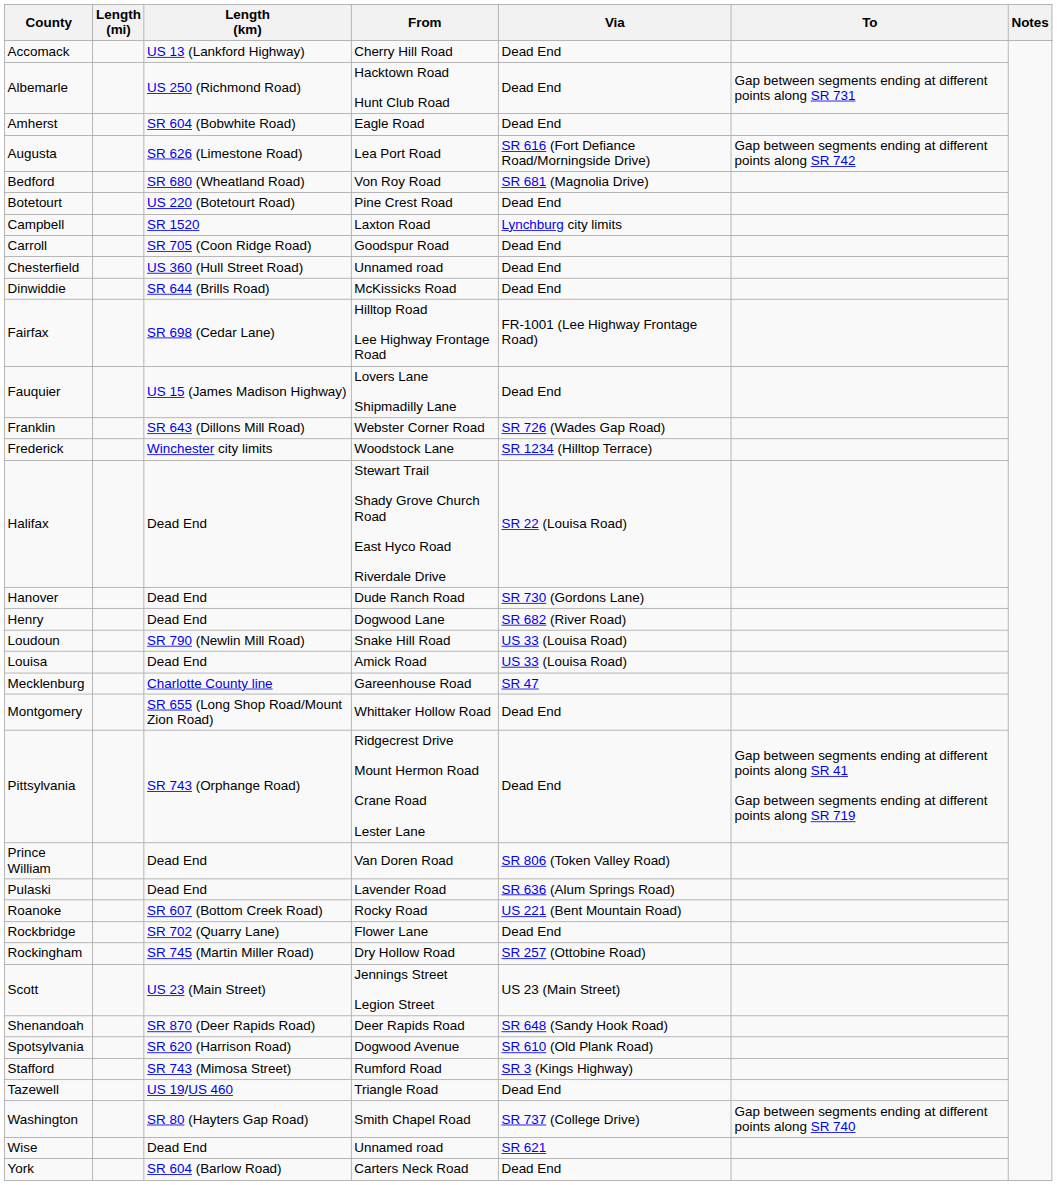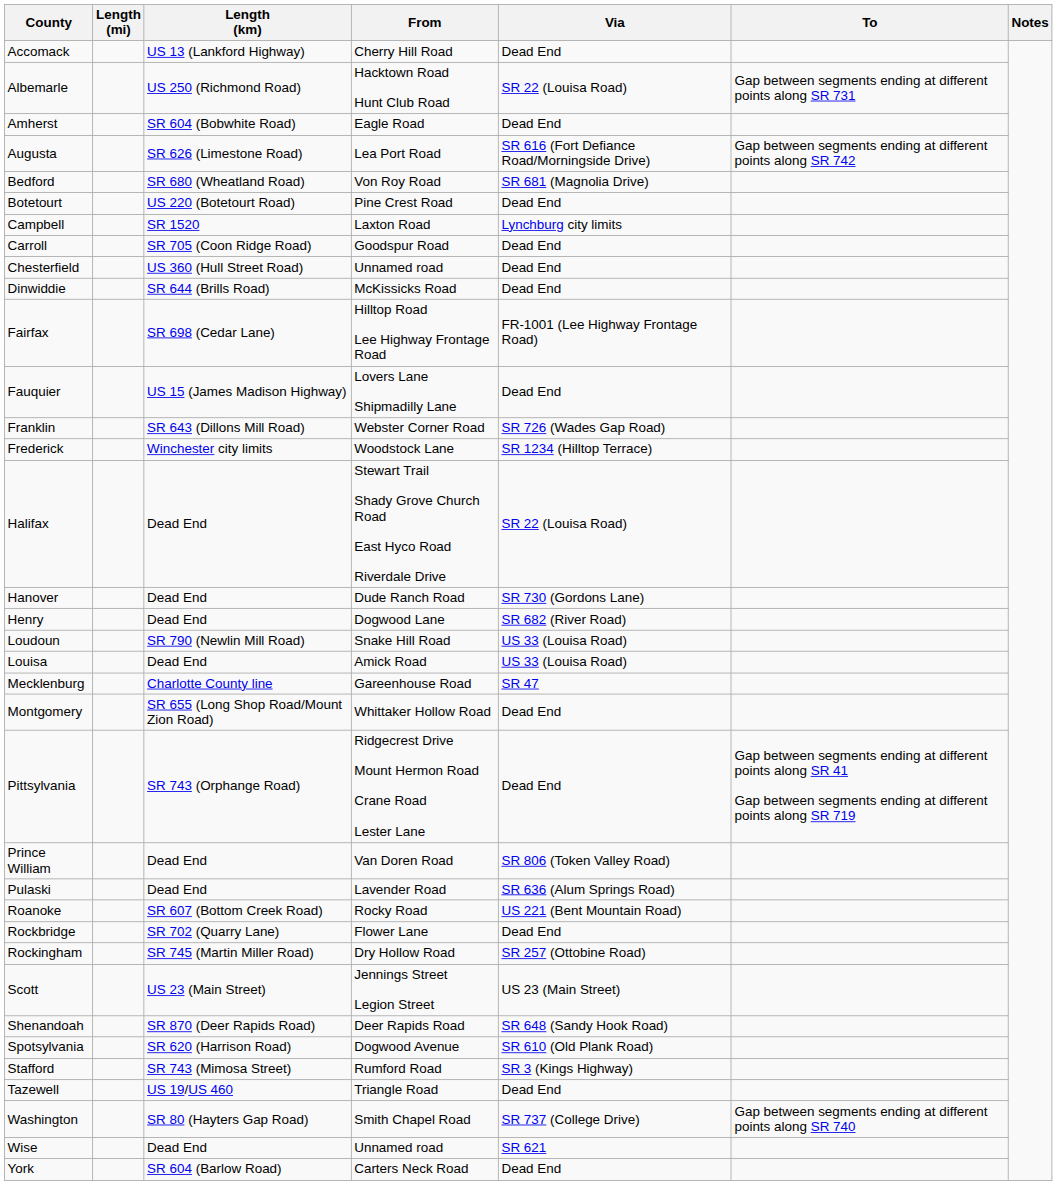 <table class="wikitable sortable">
 <tr>
 <th>County</th>
 <th>Length<br>(mi)</th>
 <th>Length<br>(km)</th>
 <th class="unsortable">From</th>
 <th class="unsortable">Via</th>
 <th class="unsortable">To</th>
 <th class="unsortable">Notes</th>
 </tr>
 <tr>
 <td id="Accomack">Accomack</td>
 <td></td>
 <td><a href='#'>US 13</a> (Lankford Highway)</td>
 <td>Cherry Hill Road</td>
 <td>Dead End</td>
 <td></td>
 </tr>
 <tr>
 <td id="Albemarle">Albemarle</td>
 <td></td>
 <td><a href='#'>US 250</a> (Richmond Road)</td>
 <td>Hacktown Road<br><br>Hunt Club Road</td>
-<td>Dead End</td>
+<td><a href='#'>SR 22</a> (Louisa Road)</td>
 <td>Gap between segments ending at different points along <a href='#'>SR 731</a><br> </td>
 </tr>
 <tr>
 <td id="Amherst">Amherst</td>
 <td></td>
 <td><a href='#'>SR 604</a> (Bobwhite Road)</td>
 <td>Eagle Road</td>
 <td>Dead End</td>
 <td><br> </td>
 </tr>
 <tr>
 <td id="Augusta">Augusta</td>
 <td></td>
 <td><a href='#'>SR 626</a> (Limestone Road)</td>
 <td>Lea Port Road</td>
 <td><a href='#'>SR 616</a> (Fort Defiance Road/Morningside Drive)</td>
 <td>Gap between segments ending at different points along <a href='#'>SR 742</a><br></td>
 </tr>
 <tr>
 <td id="Bedford">Bedford</td>
 <td></td>
 <td><a href='#'>SR 680</a> (Wheatland Road)</td>
 <td>Von Roy Road</td>
 <td><a href='#'>SR 681</a> (Magnolia Drive)</td>
 <td><br></td>
 </tr>
 <tr>
 <td id="Botetourt">Botetourt</td>
 <td></td>
 <td><a href='#'>US 220</a> (Botetourt Road)</td>
 <td>Pine Crest Road</td>
 <td>Dead End</td>
 <td><br>  </td>
 </tr>
 <tr>
 <td id="Campbell">Campbell</td>
 <td></td>
 <td><a href='#'>SR 1520</a></td>
 <td>Laxton Road</td>
 <td><a href='#'>Lynchburg</a> city limits</td>
 <td><br></td>
 </tr>
 <tr>
 <td id="Carroll">Carroll</td>
 <td></td>
 <td><a href='#'>SR 705</a> (Coon Ridge Road)</td>
 <td>Goodspur Road</td>
 <td>Dead End</td>
 <td><br> </td>
 </tr>
 <tr>
 <td id="Chesterfield">Chesterfield</td>
 <td></td>
 <td><a href='#'>US 360</a> (Hull Street Road)</td>
 <td>Unnamed road</td>
 <td>Dead End</td>
 <td><br>    </td>
 </tr>
 <tr>
 <td id="Dinwiddie">Dinwiddie</td>
 <td></td>
 <td><a href='#'>SR 644</a> (Brills Road)</td>
 <td>McKissicks Road</td>
 <td>Dead End</td>
 <td><br></td>
 </tr>
 <tr>
 <td id="Fairfax">Fairfax</td>
 <td></td>
 <td><a href='#'>SR 698</a> (Cedar Lane)</td>
 <td>Hilltop Road<br><br>Lee Highway Frontage Road</td>
 <td>FR-1001 (Lee Highway Frontage Road)</td>
 <td></td>
 </tr>
 <tr>
 <td id="Fauquier">Fauquier</td>
 <td></td>
 <td><a href='#'>US 15</a> (James Madison Highway)</td>
 <td>Lovers Lane<br><br>Shipmadilly Lane</td>
 <td>Dead End</td>
 <td><br> </td>
 </tr>
 <tr>
 <td id="Franklin">Franklin</td>
 <td></td>
 <td><a href='#'>SR 643</a> (Dillons Mill Road)</td>
 <td>Webster Corner Road</td>
 <td><a href='#'>SR 726</a> (Wades Gap Road)</td>
 <td></td>
 </tr>
 <tr>
 <td id="Frederick">Frederick</td>
 <td></td>
 <td><a href='#'>Winchester</a> city limits</td>
 <td>Woodstock Lane</td>
 <td><a href='#'>SR 1234</a> (Hilltop Terrace)</td>
 <td><br>     </td>
 </tr>
 <tr>
 <td id="Halifax">Halifax</td>
 <td></td>
 <td>Dead End</td>
 <td>Stewart Trail<br><br>Shady Grove Church Road<br><br>East Hyco Road<br><br>Riverdale Drive</td>
 <td><a href='#'>SR 22</a> (Louisa Road)</td>
 <td></td>
 </tr>
 <tr>
 <td id="Hanover">Hanover</td>
 <td></td>
 <td>Dead End</td>
 <td>Dude Ranch Road</td>
 <td><a href='#'>SR 730</a> (Gordons Lane)</td>
 <td><br></td>
 </tr>
 <tr>
 <td id="Henry">Henry</td>
 <td></td>
 <td>Dead End</td>
 <td>Dogwood Lane</td>
 <td><a href='#'>SR 682</a> (River Road)</td>
 <td><br>       </td>
 </tr>
 <tr>
 <td id="Loudoun">Loudoun</td>
 <td></td>
 <td><a href='#'>SR 790</a> (Newlin Mill Road)</td>
 <td>Snake Hill Road</td>
 <td><a href='#'>US 33</a> (Louisa Road)</td>
 <td></td>
 </tr>
 <tr>
 <td id="Louisa">Louisa</td>
 <td></td>
 <td>Dead End</td>
 <td>Amick Road</td>
 <td><a href='#'>US 33</a> (Louisa Road)</td>
 <td><br>  </td>
 </tr>
 <tr>
 <td id="Mecklenburg">Mecklenburg</td>
 <td></td>
 <td><a href='#'>Charlotte County line</a></td>
 <td>Gareenhouse Road</td>
 <td><a href='#'>SR 47</a></td>
 <td><br></td>
 </tr>
 <tr>
 <td id="Montgomery">Montgomery</td>
 <td></td>
 <td><a href='#'>SR 655</a> (Long Shop Road/Mount Zion Road)</td>
 <td>Whittaker Hollow Road</td>
 <td>Dead End</td>
 <td><br>       </td>
 </tr>
 <tr>
 <td id="Pittsylvania">Pittsylvania</td>
 <td></td>
 <td><a href='#'>SR 743</a> (Orphange Road)</td>
 <td>Ridgecrest Drive<br><br>Mount Hermon Road<br><br>Crane Road<br><br>Lester Lane</td>
 <td>Dead End</td>
 <td>Gap between segments ending at different points along <a href='#'>SR 41</a><br><br>Gap between segments ending at different points along <a href='#'>SR 719</a><br>  </td>
 </tr>
 <tr>
 <td id="Prince William">Prince William</td>
 <td></td>
 <td>Dead End</td>
 <td>Van Doren Road</td>
 <td><a href='#'>SR 806</a> (Token Valley Road)</td>
 <td></td>
 </tr>
 <tr>
 <td id="Pulaski">Pulaski</td>
 <td></td>
 <td>Dead End</td>
 <td>Lavender Road</td>
 <td><a href='#'>SR 636</a> (Alum Springs Road)</td>
 <td><br> </td>
 </tr>
 <tr>
 <td id="Roanoke">Roanoke</td>
 <td></td>
 <td><a href='#'>SR 607</a> (Bottom Creek Road)</td>
 <td>Rocky Road</td>
 <td><a href='#'>US 221</a> (Bent Mountain Road)</td>
 <td></td>
 </tr>
 <tr>
 <td id="Rockbridge">Rockbridge</td>
 <td></td>
 <td><a href='#'>SR 702</a> (Quarry Lane)</td>
 <td>Flower Lane</td>
 <td>Dead End</td>
 <td></td>
 </tr>
 <tr>
 <td id="Rockingham">Rockingham</td>
 <td></td>
 <td><a href='#'>SR 745</a> (Martin Miller Road)</td>
 <td>Dry Hollow Road</td>
 <td><a href='#'>SR 257</a> (Ottobine Road)</td>
 <td><br></td>
 </tr>
 <tr>
 <td id="Scott">Scott</td>
 <td></td>
 <td><a href='#'>US 23</a> (Main Street)</td>
 <td>Jennings Street<br><br>Legion Street</td>
 <td>US 23 (Main Street)</td>
 <td></td>
 </tr>
 <tr>
 <td id="Shenandoah">Shenandoah</td>
 <td></td>
 <td><a href='#'>SR 870</a> (Deer Rapids Road)</td>
 <td>Deer Rapids Road</td>
 <td><a href='#'>SR 648</a> (Sandy Hook Road)</td>
 <td><br> </td>
 </tr>
 <tr>
 <td id="Spotsylvania">Spotsylvania</td>
 <td></td>
 <td><a href='#'>SR 620</a> (Harrison Road)</td>
 <td>Dogwood Avenue</td>
 <td><a href='#'>SR 610</a> (Old Plank Road)</td>
 <td></td>
 </tr>
 <tr>
 <td id="Stafford">Stafford</td>
 <td></td>
 <td><a href='#'>SR 743</a> (Mimosa Street)</td>
 <td>Rumford Road</td>
 <td><a href='#'>SR 3</a> (Kings Highway)</td>
 <td><br> </td>
 </tr>
 <tr>
 <td id="Tazewell">Tazewell</td>
 <td></td>
 <td><a href='#'>US 19</a>/<a href='#'>US 460</a></td>
 <td>Triangle Road</td>
 <td>Dead End</td>
 <td><br></td>
 </tr>
 <tr>
 <td id="Washington">Washington</td>
 <td></td>
 <td><a href='#'>SR 80</a> (Hayters Gap Road)</td>
 <td>Smith Chapel Road</td>
 <td><a href='#'>SR 737</a> (College Drive)</td>
 <td>Gap between segments ending at different points along <a href='#'>SR 740</a><br></td>
 </tr>
 <tr>
 <td id="Wise">Wise</td>
 <td></td>
 <td>Dead End</td>
 <td>Unnamed road</td>
 <td><a href='#'>SR 621</a></td>
 <td><br></td>
 </tr>
 <tr>
 <td id="York">York</td>
 <td></td>
 <td><a href='#'>SR 604</a> (Barlow Road)</td>
 <td>Carters Neck Road</td>
 <td>Dead End</td>
 <td></td>
 </tr>
 </table>
